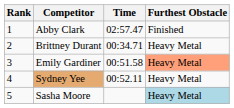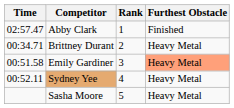 <table class="wikitable sortable mw-collapsible" style="display: inline-table;">
 <tr>
+<th>Time</th>
+<th>Competitor</th>
 <th>Rank</th>
-<th>Competitor</th>
-<th>Time</th>
 <th>Furthest Obstacle</th>
 </tr>
 <tr>
+<td>02:57.47</td>
+<td>Abby Clark</td>
 <td>1</td>
-<td>Abby Clark</td>
-<td>02:57.47</td>
 <td>Finished</td>
 </tr>
 <tr>
+<td>00:34.71</td>
+<td>Brittney Durant</td>
 <td>2</td>
-<td>Brittney Durant</td>
-<td>00:34.71</td>
 <td>Heavy Metal</td>
 </tr>
 <tr>
+<td>00:51.58</td>
+<td>Emily Gardiner</td>
 <td>3</td>
-<td>Emily Gardiner</td>
-<td>00:51.58</td>
 <td style="background: lightsalmon;">Heavy Metal</td>
 </tr>
 <tr>
+<td>00:52.11</td>
+<td style="background-color:#E5AA70">Sydney Yee</td>
 <td>4</td>
-<td style="background-color:#E5AA70">Sydney Yee</td>
-<td>00:52.11</td>
 <td>Heavy Metal</td>
 </tr>
 <tr>
+<td></td>
+<td>Sasha Moore</td>
 <td>5</td>
-<td>Sasha Moore</td>
-<td></td>
-<td style="background: lightblue;">Heavy Metal</td>
+<td>Heavy Metal</td>
 </tr>
 </table>
